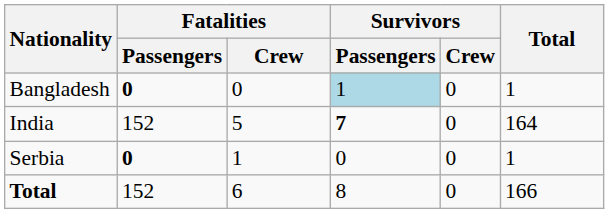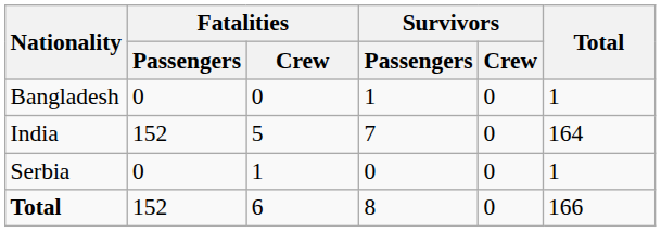 <table class="wikitable">
 <tr>
 <th rowspan=2>Nationality</th>
 <th colspan=2>Fatalities</th>
 <th colspan="2">Survivors</th>
 <th rowspan="2" style="width:70px;">Total</th>
 </tr>
 <tr>
 <th style="width:70px;">Passengers</th>
 <th style="width:70px;">Crew</th>
 <th>Passengers</th>
 <th>Crew</th>
 </tr>
 <tr>
 <td>Bangladesh</td>
-<td><strong>0</strong></td>
 <td>0</td>
-<td style="background: lightblue;">1</td>
+<td>0</td>
+<td>1</td>
 <td>0</td>
 <td>1</td>
 </tr>
 <tr>
 <td>India</td>
 <td>152</td>
 <td>5</td>
-<td><strong>7</strong></td>
+<td>7</td>
 <td>0</td>
 <td>164</td>
 </tr>
 <tr>
 <td>Serbia</td>
-<td><strong>0</strong></td>
+<td>0</td>
 <td>1</td>
 <td>0</td>
 <td>0</td>
 <td>1</td>
 </tr>
 <tr>
 <td><strong>Total</strong></td>
 <td>152</td>
 <td>6</td>
 <td>8</td>
 <td>0</td>
 <td>166</td>
 </tr>
 </table>
